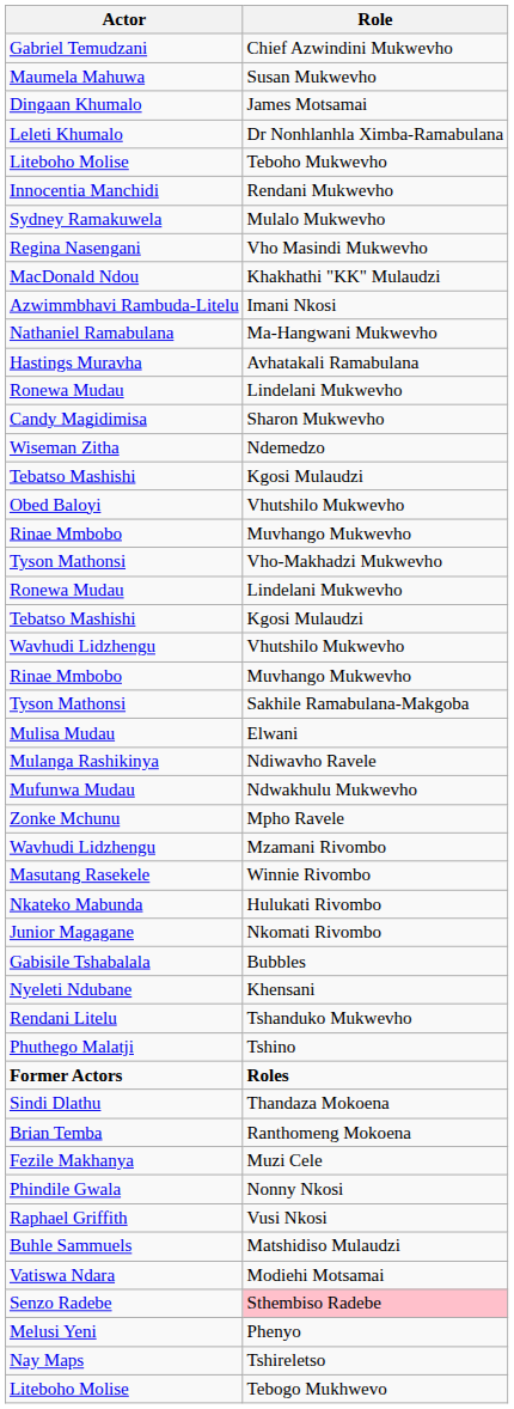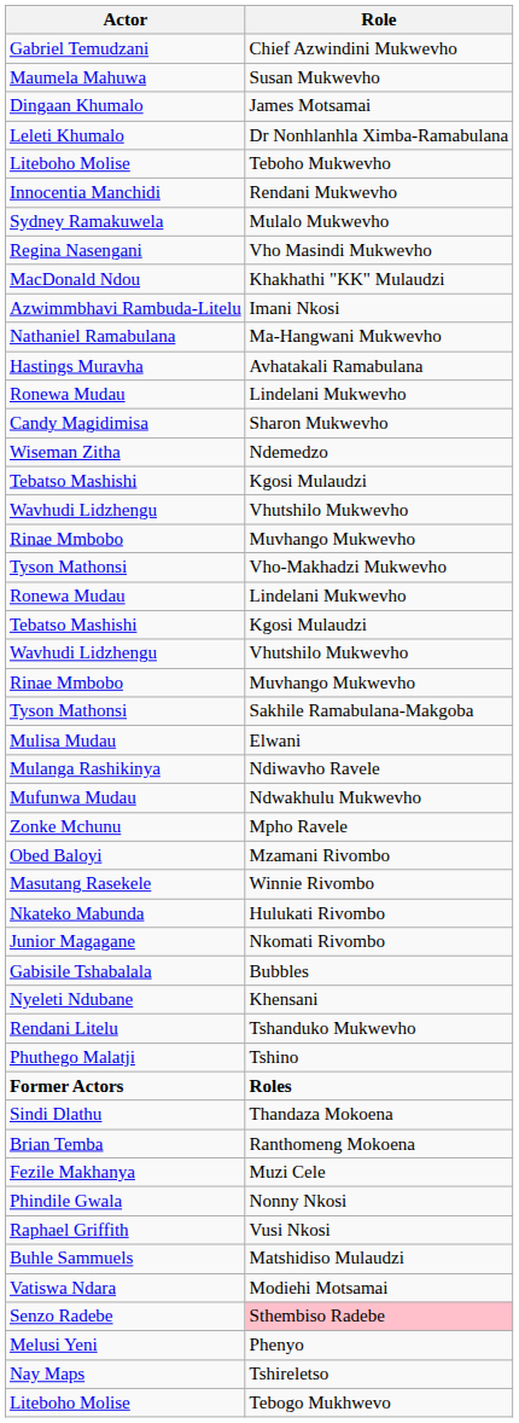 <table class="wikitable">
 <tr>
 <th>Actor</th>
 <th>Role</th>
 </tr>
 <tr>
 <td><a href='#'>Gabriel Temudzani</a></td>
 <td>Chief Azwindini Mukwevho</td>
 </tr>
 <tr>
 <td><a href='#'>Maumela Mahuwa</a></td>
 <td>Susan Mukwevho</td>
 </tr>
 <tr>
 <td><a href='#'>Dingaan Khumalo</a></td>
 <td>James Motsamai</td>
 </tr>
 <tr>
 <td><a href='#'>Leleti Khumalo</a></td>
 <td>Dr Nonhlanhla Ximba-Ramabulana</td>
 </tr>
 <tr>
 <td><a href='#'>Liteboho Molise</a></td>
 <td>Teboho Mukwevho</td>
 </tr>
 <tr>
 <td><a href='#'>Innocentia Manchidi</a></td>
 <td>Rendani Mukwevho</td>
 </tr>
 <tr>
 <td><a href='#'>Sydney Ramakuwela</a></td>
 <td>Mulalo Mukwevho</td>
 </tr>
 <tr>
 <td><a href='#'>Regina Nasengani</a></td>
 <td>Vho Masindi Mukwevho</td>
 </tr>
 <tr>
 <td><a href='#'>MacDonald Ndou</a></td>
 <td>Khakhathi "KK" Mulaudzi</td>
 </tr>
 <tr>
 <td><a href='#'>Azwimmbhavi Rambuda-Litelu</a></td>
 <td>Imani Nkosi</td>
 </tr>
 <tr>
 <td><a href='#'>Nathaniel Ramabulana</a></td>
 <td>Ma-Hangwani Mukwevho</td>
 </tr>
 <tr>
 <td><a href='#'>Hastings Muravha</a></td>
 <td>Avhatakali Ramabulana</td>
 </tr>
 <tr>
 <td><a href='#'>Ronewa Mudau</a></td>
 <td>Lindelani Mukwevho</td>
 </tr>
 <tr>
 <td><a href='#'>Candy Magidimisa</a></td>
 <td>Sharon Mukwevho</td>
 </tr>
 <tr>
 <td><a href='#'>Wiseman Zitha</a></td>
 <td>Ndemedzo</td>
 </tr>
 <tr>
 <td><a href='#'>Tebatso Mashishi</a></td>
 <td>Kgosi Mulaudzi</td>
 </tr>
 <tr>
-<td><a href='#'>Obed Baloyi</a></td>
+<td><a href='#'>Wavhudi Lidzhengu</a></td>
 <td>Vhutshilo Mukwevho</td>
 </tr>
 <tr>
 <td><a href='#'>Rinae Mmbobo</a></td>
 <td>Muvhango Mukwevho</td>
 </tr>
 <tr>
 <td><a href='#'>Tyson Mathonsi</a></td>
 <td>Vho-Makhadzi Mukwevho</td>
 </tr>
 <tr>
 <td><a href='#'>Ronewa Mudau</a></td>
 <td>Lindelani Mukwevho</td>
 </tr>
 <tr>
 <td><a href='#'>Tebatso Mashishi</a></td>
 <td>Kgosi Mulaudzi</td>
 </tr>
 <tr>
 <td><a href='#'>Wavhudi Lidzhengu</a></td>
 <td>Vhutshilo Mukwevho</td>
 </tr>
 <tr>
 <td><a href='#'>Rinae Mmbobo</a></td>
 <td>Muvhango Mukwevho</td>
 </tr>
 <tr>
 <td><a href='#'>Tyson Mathonsi</a></td>
 <td>Sakhile Ramabulana-Makgoba</td>
 </tr>
 <tr>
 <td><a href='#'>Mulisa Mudau</a></td>
 <td>Elwani</td>
 </tr>
 <tr>
 <td><a href='#'>Mulanga Rashikinya</a></td>
 <td>Ndiwavho Ravele</td>
 </tr>
 <tr>
 <td><a href='#'>Mufunwa Mudau</a></td>
 <td>Ndwakhulu Mukwevho</td>
 </tr>
 <tr>
 <td><a href='#'>Zonke Mchunu</a></td>
 <td>Mpho Ravele</td>
 </tr>
 <tr>
-<td><a href='#'>Wavhudi Lidzhengu</a></td>
+<td><a href='#'>Obed Baloyi</a></td>
 <td>Mzamani Rivombo</td>
 </tr>
 <tr>
 <td><a href='#'>Masutang Rasekele</a></td>
 <td>Winnie Rivombo</td>
 </tr>
 <tr>
 <td><a href='#'>Nkateko Mabunda</a></td>
 <td>Hulukati Rivombo</td>
 </tr>
 <tr>
 <td><a href='#'>Junior Magagane</a></td>
 <td>Nkomati Rivombo</td>
 </tr>
 <tr>
 <td><a href='#'>Gabisile Tshabalala</a></td>
 <td>Bubbles</td>
 </tr>
 <tr>
 <td><a href='#'>Nyeleti Ndubane</a></td>
 <td>Khensani</td>
 </tr>
 <tr>
 <td><a href='#'>Rendani Litelu</a></td>
 <td>Tshanduko Mukwevho</td>
 </tr>
 <tr>
 <td><a href='#'>Phuthego Malatji</a></td>
 <td>Tshino</td>
 </tr>
 <tr>
 <td><strong>Former Actors</strong></td>
 <td><strong>Roles</strong></td>
 </tr>
 <tr>
 <td><a href='#'>Sindi Dlathu</a></td>
 <td>Thandaza Mokoena</td>
 </tr>
 <tr>
 <td><a href='#'>Brian Temba</a></td>
 <td>Ranthomeng Mokoena</td>
 </tr>
 <tr>
 <td><a href='#'>Fezile Makhanya</a></td>
 <td>Muzi Cele</td>
 </tr>
 <tr>
 <td><a href='#'>Phindile Gwala</a></td>
 <td>Nonny Nkosi</td>
 </tr>
 <tr>
 <td><a href='#'>Raphael Griffith</a></td>
 <td>Vusi Nkosi</td>
 </tr>
 <tr>
 <td><a href='#'>Buhle Sammuels</a></td>
 <td>Matshidiso Mulaudzi</td>
 </tr>
 <tr>
 <td><a href='#'>Vatiswa Ndara</a></td>
 <td>Modiehi Motsamai</td>
 </tr>
 <tr>
 <td><a href='#'>Senzo Radebe</a></td>
 <td style="background: pink;">Sthembiso Radebe</td>
 </tr>
 <tr>
 <td><a href='#'>Melusi Yeni</a></td>
 <td>Phenyo</td>
 </tr>
 <tr>
 <td><a href='#'>Nay Maps</a></td>
 <td>Tshireletso</td>
 </tr>
 <tr>
 <td><a href='#'>Liteboho Molise</a></td>
 <td>Tebogo Mukhwevo</td>
 </tr>
 </table>
